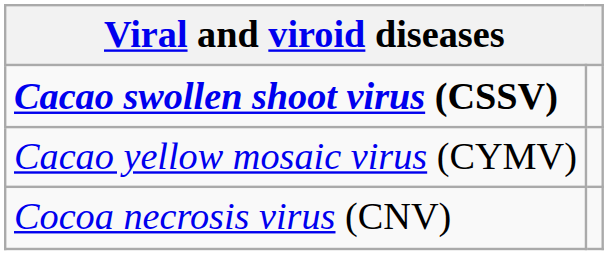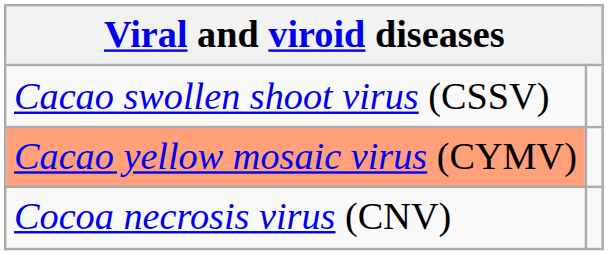 <table class="wikitable collapsible sortable">
 <tr>
 <th colspan=3><a href='#'>Viral</a> and <a href='#'>viroid</a> diseases</th>
 </tr>
 <tr>
-<td><strong><em><a href='#'>Cacao swollen shoot virus</a></em> (CSSV)</strong></td>
+<td><em><a href='#'>Cacao swollen shoot virus</a></em> (CSSV)</td>
 <td></td>
 </tr>
 <tr>
-<td><em><a href='#'>Cacao yellow mosaic virus</a></em> (CYMV)</td>
+<td style="background: lightsalmon;"><em><a href='#'>Cacao yellow mosaic virus</a></em> (CYMV)</td>
 <td></td>
 </tr>
 <tr>
 <td><em><a href='#'>Cocoa necrosis virus</a></em> (CNV)</td>
 <td></td>
 </tr>
 </table>
